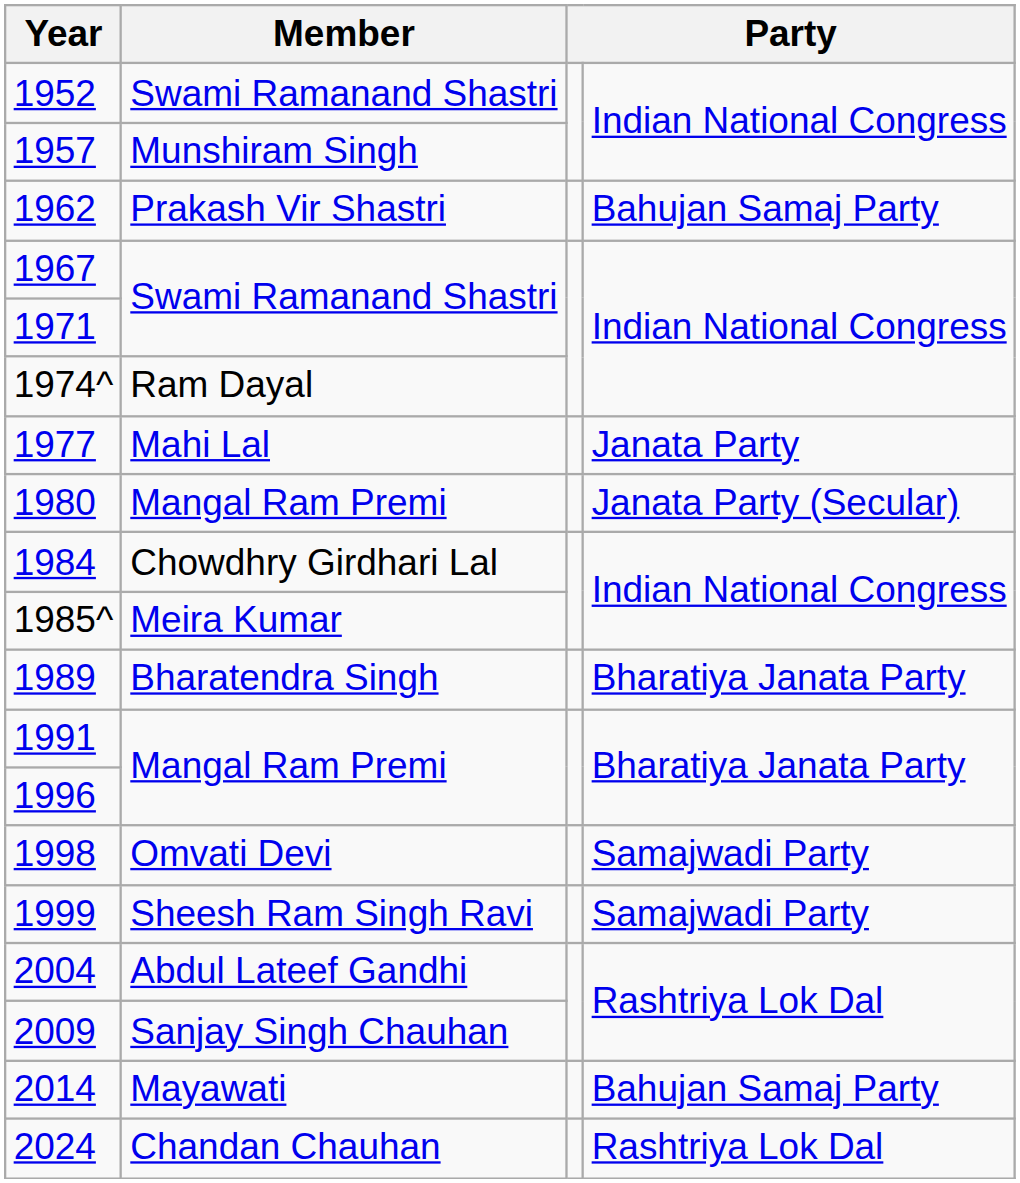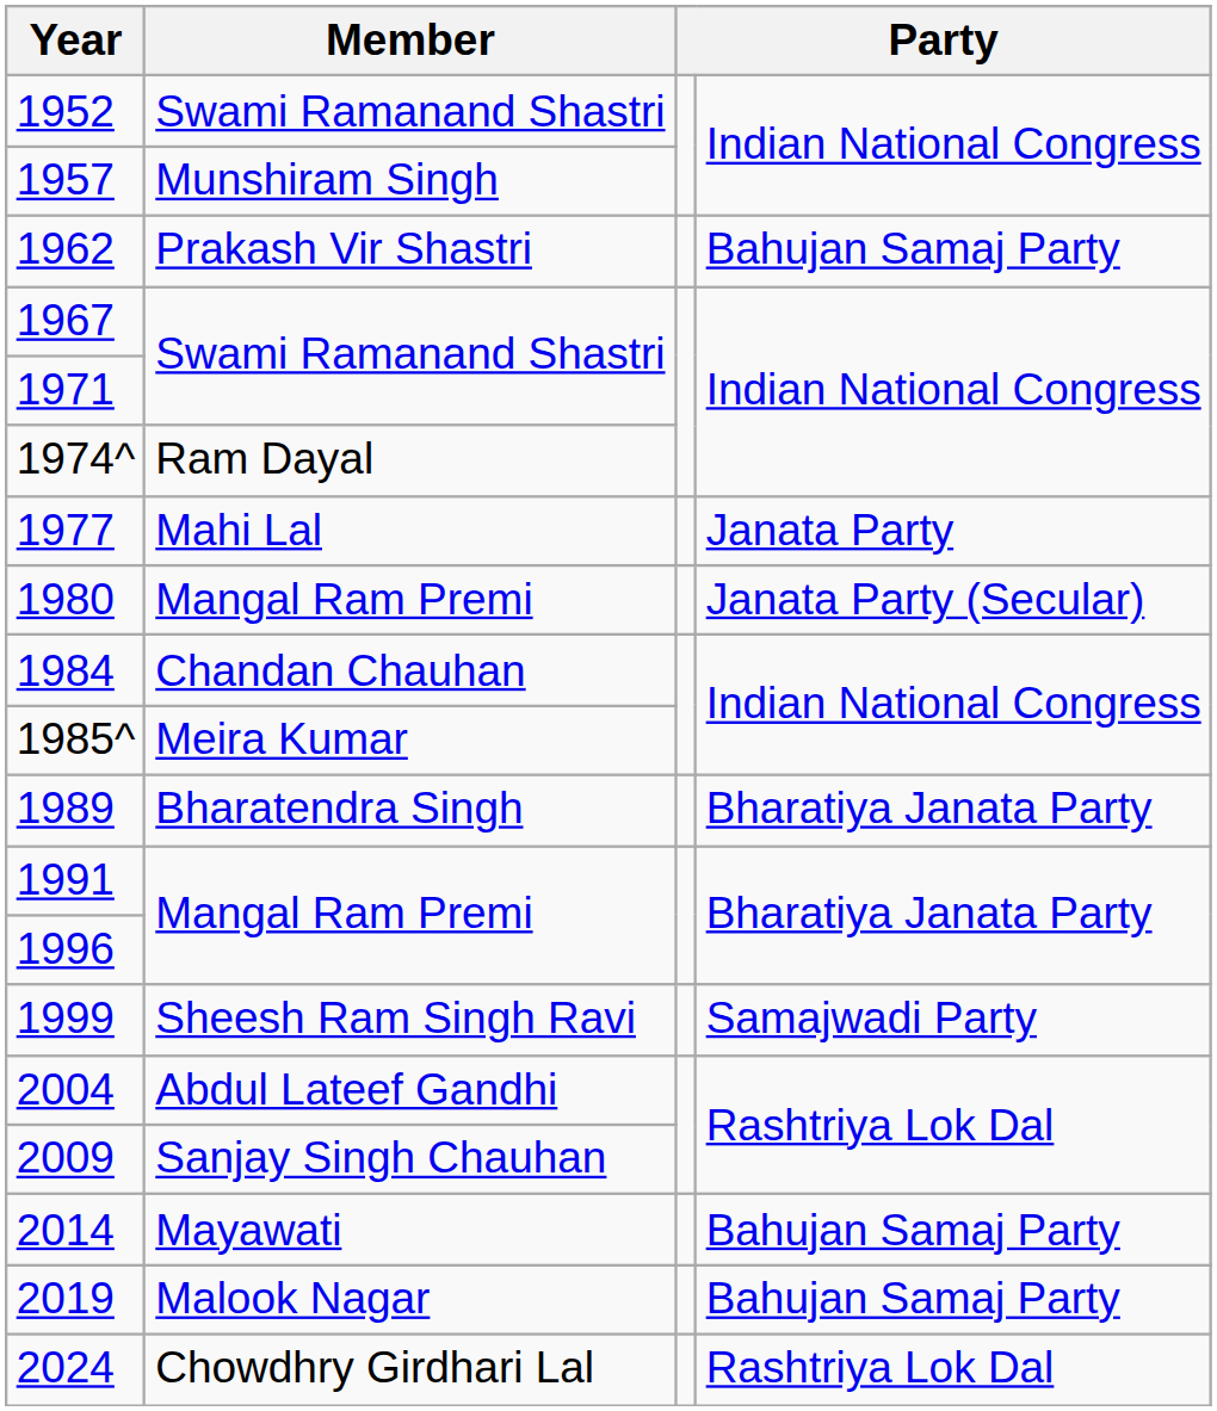 <table class="wikitable">
 <tr>
 <th>Year</th>
 <th>Member</th>
 <th colspan="2">Party</th>
 </tr>
 <tr>
 <td><a href='#'>1952</a></td>
 <td><a href='#'>Swami Ramanand Shastri</a></td>
 <td rowspan="2" style="background-color: "></td>
 <td rowspan="2"><a href='#'>Indian National Congress</a></td>
 </tr>
 <tr>
 <td><a href='#'>1957</a></td>
 <td><a href='#'>Munshiram Singh</a></td>
 </tr>
 <tr>
 <td><a href='#'>1962</a></td>
 <td><a href='#'>Prakash Vir Shastri</a></td>
 <td style="background-color: "></td>
 <td><a href='#'>Bahujan Samaj Party</a></td>
 </tr>
 <tr>
 <td><a href='#'>1967</a></td>
 <td rowspan="2"><a href='#'>Swami Ramanand Shastri</a></td>
 <td rowspan="3" style="background-color: "></td>
 <td rowspan="3"><a href='#'>Indian National Congress</a></td>
 </tr>
 <tr>
 <td><a href='#'>1971</a></td>
 </tr>
 <tr>
 <td>1974^</td>
 <td>Ram Dayal</td>
 </tr>
 <tr>
 <td><a href='#'>1977</a></td>
 <td><a href='#'>Mahi Lal</a></td>
 <td style="background-color: "></td>
 <td><a href='#'>Janata Party</a></td>
 </tr>
 <tr>
 <td><a href='#'>1980</a></td>
 <td><a href='#'>Mangal Ram Premi</a></td>
 <td style="background-color: "></td>
 <td><a href='#'>Janata Party (Secular)</a></td>
 </tr>
 <tr>
 <td><a href='#'>1984</a></td>
-<td>Chowdhry Girdhari Lal</td>
+<td><a href='#'>Chandan Chauhan</a></td>
 <td rowspan="2" style="background-color: "></td>
 <td rowspan="2"><a href='#'>Indian National Congress</a></td>
 </tr>
 <tr>
 <td>1985^</td>
 <td><a href='#'>Meira Kumar</a></td>
 </tr>
 <tr>
 <td><a href='#'>1989</a></td>
 <td><a href='#'>Bharatendra Singh</a></td>
 <td style="background-color: "></td>
 <td><a href='#'>Bharatiya Janata Party</a></td>
 </tr>
 <tr>
 <td><a href='#'>1991</a></td>
 <td rowspan="2"><a href='#'>Mangal Ram Premi</a></td>
 <td rowspan="2" style="background-color: "></td>
 <td rowspan="2"><a href='#'>Bharatiya Janata Party</a></td>
 </tr>
 <tr>
 <td><a href='#'>1996</a></td>
-</tr>
-<tr>
-<td><a href='#'>1998</a></td>
-<td><a href='#'>Omvati Devi</a></td>
-<td style="background-color: "></td>
-<td><a href='#'>Samajwadi Party</a></td>
 </tr>
 <tr>
 <td><a href='#'>1999</a></td>
 <td><a href='#'>Sheesh Ram Singh Ravi</a></td>
 <td style="background-color: "></td>
 <td><a href='#'>Samajwadi Party</a></td>
 </tr>
 <tr>
 <td><a href='#'>2004</a></td>
 <td><a href='#'>Abdul Lateef Gandhi</a></td>
 <td rowspan="2" style="background-color: "></td>
 <td rowspan="2"><a href='#'>Rashtriya Lok Dal</a></td>
 </tr>
 <tr>
 <td><a href='#'>2009</a></td>
 <td><a href='#'>Sanjay Singh Chauhan</a></td>
 </tr>
 <tr>
 <td><a href='#'>2014</a></td>
 <td><a href='#'>Mayawati</a></td>
 <td style="background-color: "></td>
 <td><a href='#'>Bahujan Samaj Party</a></td>
 </tr>
 <tr>
+<td><a href='#'>2019</a></td>
+<td><a href='#'>Malook Nagar</a></td>
+<td style="background-color: "></td>
+<td><a href='#'>Bahujan Samaj Party</a></td>
+</tr>
+<tr>
 <td><a href='#'>2024</a></td>
-<td><a href='#'>Chandan Chauhan</a></td>
+<td>Chowdhry Girdhari Lal</td>
 <td style="background-color: "></td>
 <td><a href='#'>Rashtriya Lok Dal</a></td>
 </tr>
 </table>
